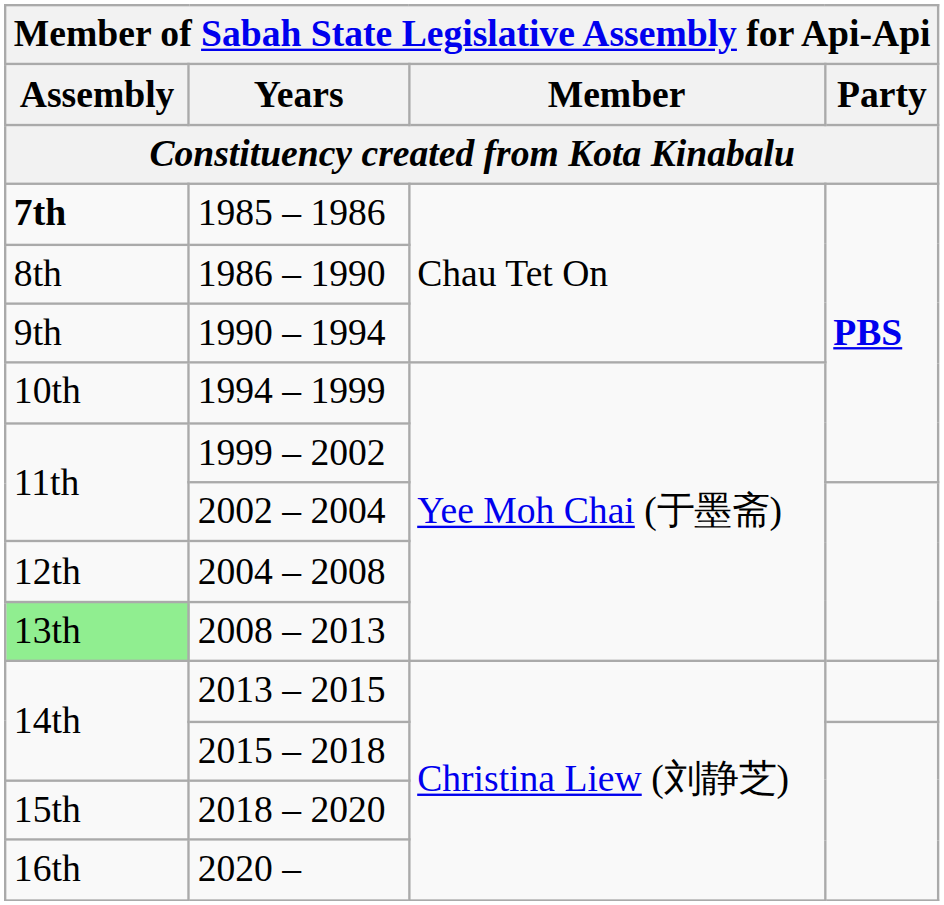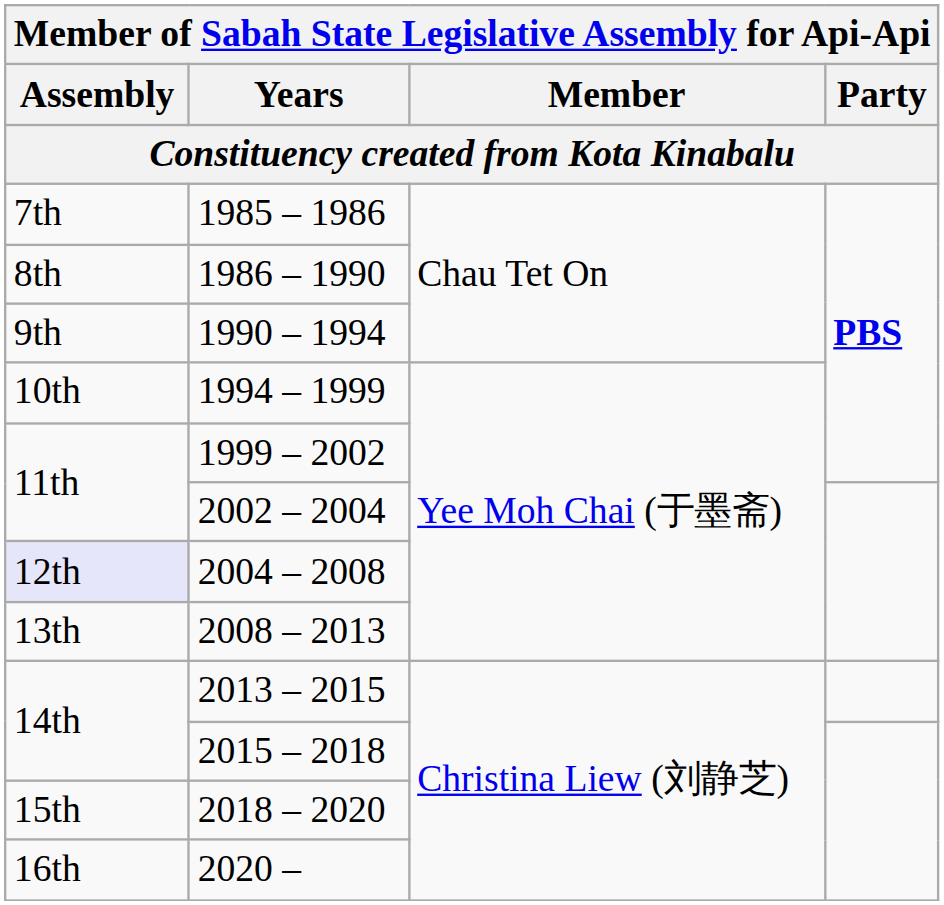 <table class="wikitable">
 <tr>
 <th colspan="4">Member of <a href='#'>Sabah State Legislative Assembly</a> for Api-Api</th>
 </tr>
 <tr>
 <th>Assembly</th>
 <th>Years</th>
 <th>Member</th>
 <th>Party</th>
 </tr>
 <tr>
 <th colspan="4" align="center"><em>Constituency created from Kota Kinabalu</em></th>
 </tr>
 <tr>
-<td><strong>7th</strong></td>
+<td>7th</td>
 <td>1985 – 1986</td>
 <td rowspan="3">Chau Tet On</td>
 <td rowspan="5"><strong><a href='#'>PBS</a></strong></td>
 </tr>
 <tr>
 <td>8th</td>
 <td>1986 – 1990</td>
 </tr>
 <tr>
 <td>9th</td>
 <td>1990 – 1994</td>
 </tr>
 <tr>
 <td>10th</td>
 <td>1994 – 1999</td>
 <td rowspan="5"><a href='#'>Yee Moh Chai</a> (于墨斋)</td>
 </tr>
 <tr>
 <td rowspan="2">11th</td>
 <td>1999 – 2002</td>
 </tr>
 <tr>
 <td>2002 – 2004</td>
 <td rowspan="3"></td>
 </tr>
 <tr>
-<td>12th</td>
+<td style="background: lavender;">12th</td>
 <td>2004 – 2008</td>
 </tr>
 <tr>
-<td style="background: lightgreen;">13th</td>
+<td>13th</td>
 <td>2008 – 2013</td>
 </tr>
 <tr>
 <td rowspan="2">14th</td>
 <td>2013 – 2015</td>
 <td rowspan="4"><a href='#'>Christina Liew</a> (刘静芝)</td>
 <td></td>
 </tr>
 <tr>
 <td>2015 – 2018</td>
 <td rowspan="3"></td>
 </tr>
 <tr>
 <td>15th</td>
 <td>2018 – 2020</td>
 </tr>
 <tr>
 <td>16th</td>
 <td>2020 –</td>
 </tr>
 </table>
